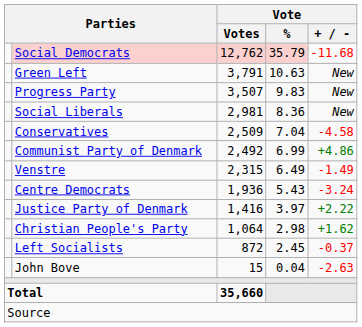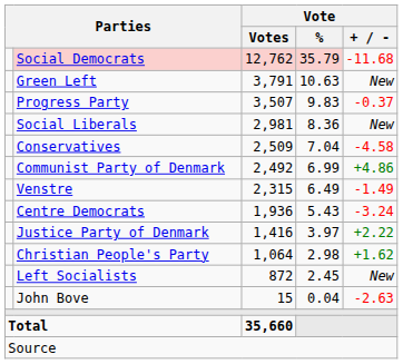 <table class="wikitable" style="text-align:right;">
 <tr>
 <th style="text-align:centre;" rowspan="2" colspan="2" width="225">Parties</th>
 <th colspan="3">Vote</th>
 </tr>
 <tr>
 <th width="15">Votes</th>
 <th width="15">%</th>
 <th width="15">+ / -</th>
 </tr>
 <tr>
 <td width="2" style="color:inherit;background:"></td>
 <td bgcolor=#fbd0ce  align="left"><a href='#'>Social Democrats</a></td>
 <td bgcolor=#fbd0ce>12,762</td>
 <td bgcolor=#fbd0ce>35.79</td>
 <td style=color:red;>-11.68</td>
 </tr>
 <tr>
 <td width="2" style="color:inherit;background:"></td>
 <td align="left"><a href='#'>Green Left</a></td>
 <td>3,791</td>
 <td>10.63</td>
 <td><em>New</em></td>
 </tr>
 <tr>
 <td width="2" style="color:inherit;background:"></td>
 <td align="left"><a href='#'>Progress Party</a></td>
 <td>3,507</td>
 <td>9.83</td>
-<td><em>New</em></td>
+<td style=color:red;>-0.37</td>
 </tr>
 <tr>
 <td width="2" style="color:inherit;background:"></td>
 <td align="left"><a href='#'>Social Liberals</a></td>
 <td>2,981</td>
 <td>8.36</td>
 <td><em>New</em></td>
 </tr>
 <tr>
 <td width="2" style="color:inherit;background:"></td>
 <td align="left"><a href='#'>Conservatives</a></td>
 <td>2,509</td>
 <td>7.04</td>
 <td style=color:red;>-4.58</td>
 </tr>
 <tr>
 <td width="2" style="color:inherit;background:"></td>
 <td align="left"><a href='#'>Communist Party of Denmark</a></td>
 <td>2,492</td>
 <td>6.99</td>
 <td style=color:green;>+4.86</td>
 </tr>
 <tr>
 <td width="2" style="color:inherit;background:"></td>
 <td align="left"><a href='#'>Venstre</a></td>
 <td>2,315</td>
 <td>6.49</td>
 <td style=color:red;>-1.49</td>
 </tr>
 <tr>
 <td width="2" style="color:inherit;background:"></td>
 <td align="left"><a href='#'>Centre Democrats</a></td>
 <td>1,936</td>
 <td>5.43</td>
 <td style=color:red;>-3.24</td>
 </tr>
 <tr>
 <td width="2" style="color:inherit;background:"></td>
 <td align="left"><a href='#'>Justice Party of Denmark</a></td>
 <td>1,416</td>
 <td>3.97</td>
 <td style=color:green;>+2.22</td>
 </tr>
 <tr>
 <td width="2" style="color:inherit;background:"></td>
 <td align="left"><a href='#'>Christian People's Party</a></td>
 <td>1,064</td>
 <td>2.98</td>
 <td style=color:green;>+1.62</td>
 </tr>
 <tr>
 <td width="2" style="color:inherit;background:"></td>
 <td align="left"><a href='#'>Left Socialists</a></td>
 <td>872</td>
 <td>2.45</td>
-<td style=color:red;>-0.37</td>
+<td><em>New</em></td>
 </tr>
 <tr>
 <td width="2" style="color:inherit;background:"></td>
 <td align="left">John Bove</td>
 <td>15</td>
 <td>0.04</td>
 <td style=color:red;>-2.63</td>
 </tr>
 <tr>
 <td colspan="7" bgcolor="#E9E9E9"></td>
 </tr>
 <tr>
 <td align="left" colspan="2"><strong>Total</strong></td>
 <td><strong>35,660</strong></td>
 <td bgcolor="#E9E9E9" colspan="2"></td>
 </tr>
 <tr>
 <td align="left" colspan="6">Source</td>
 </tr>
 </table>
